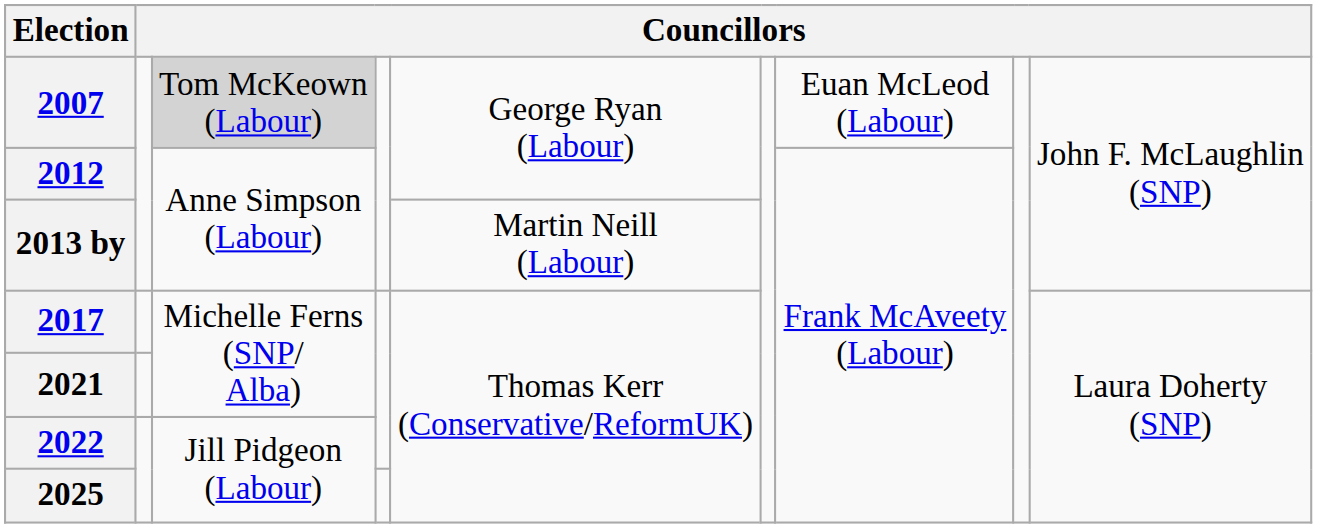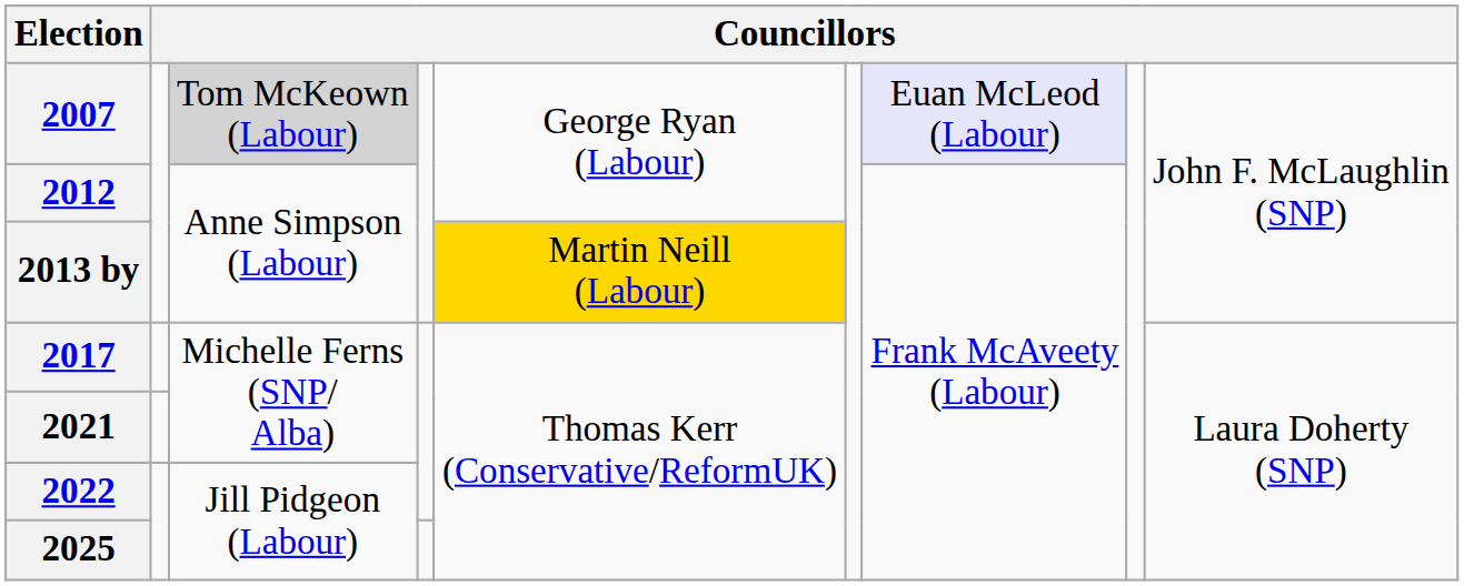 <table class="wikitable" style="text-align:center">
 <tr>
 <th>Election</th>
 <th colspan=8>Councillors</th>
 </tr>
 <tr>
 <th><a href='#'>2007</a></th>
 <td rowspan=3; style="background-color: "></td>
 <td rowspan=1 style="background: lightgrey;">Tom McKeown<br>(<a href='#'>Labour</a>)</td>
 <td rowspan=3; style="background-color: "></td>
 <td rowspan=2>George Ryan<br>(<a href='#'>Labour</a>)</td>
 <td rowspan=7; style="background-color: "></td>
-<td rowspan=1>Euan McLeod<br>(<a href='#'>Labour</a>)</td>
+<td rowspan=1 style="background: lavender;">Euan McLeod<br>(<a href='#'>Labour</a>)</td>
 <td rowspan=7; style="background-color: "></td>
 <td rowspan=3>John F. McLaughlin<br>(<a href='#'>SNP</a>)</td>
 </tr>
 <tr>
 <th><a href='#'>2012</a></th>
 <td rowspan=2>Anne Simpson<br>(<a href='#'>Labour</a>)</td>
 <td rowspan=6><a href='#'>Frank McAveety</a><br>(<a href='#'>Labour</a>)</td>
 </tr>
 <tr>
 <th>2013 by</th>
-<td rowspan=1>Martin Neill<br>(<a href='#'>Labour</a>)</td>
+<td rowspan=1 style="background: gold;">Martin Neill<br>(<a href='#'>Labour</a>)</td>
 </tr>
 <tr>
 <th><a href='#'>2017</a></th>
 <td rowspan=1; style="background-color: "></td>
 <td rowspan=2>Michelle Ferns<br>(<a href='#'>SNP</a>/<br><a href='#'>Alba</a>)</td>
 <td rowspan=3; style="background-color: "></td>
 <td rowspan=5>Thomas Kerr<br>(<a href='#'>Conservative</a>/<a href='#'>ReformUK</a>)</td>
 <td rowspan=4>Laura Doherty<br>(<a href='#'>SNP</a>)</td>
 </tr>
 <tr>
 <th>2021</th>
 <td rowspan=1; style="background-color: "></td>
 </tr>
 <tr>
 <th><a href='#'>2022</a></th>
 <td rowspan=2; style="background-color: "></td>
 <td rowspan=2>Jill Pidgeon<br>(<a href='#'>Labour</a>)</td>
 </tr>
 <tr>
 <th>2025</th>
 <td rowspan=1; style="background-color: "></td>
 </tr>
 </table>
